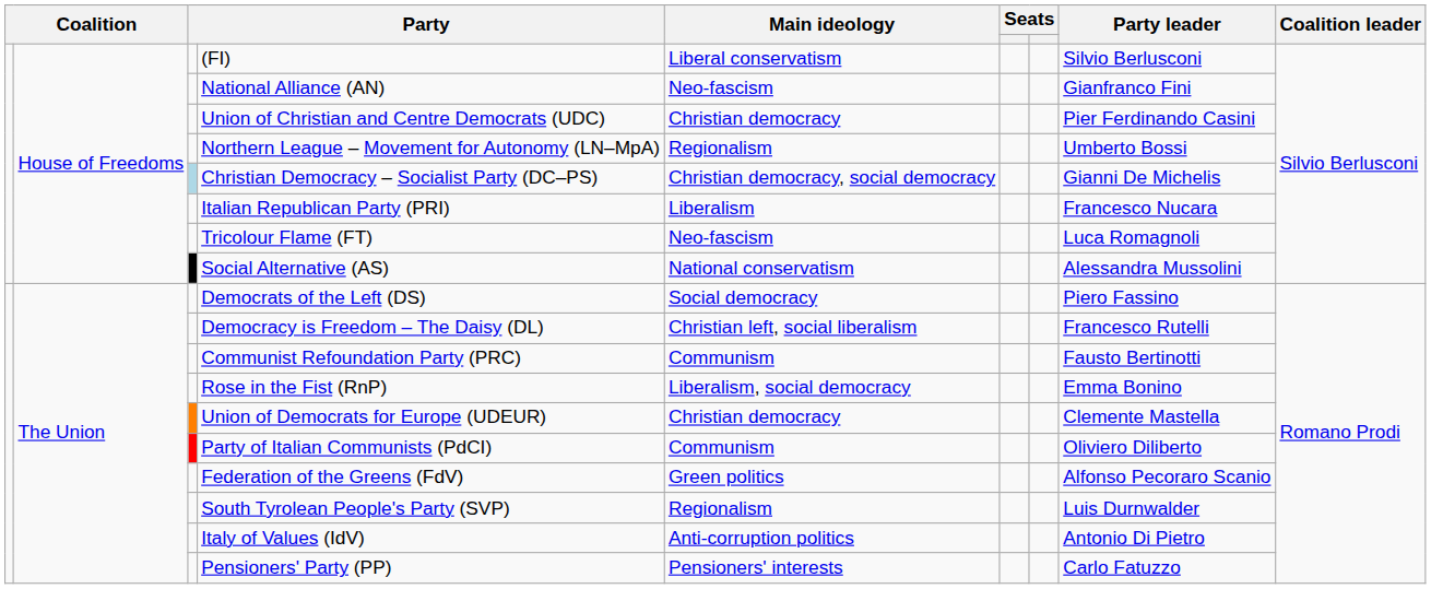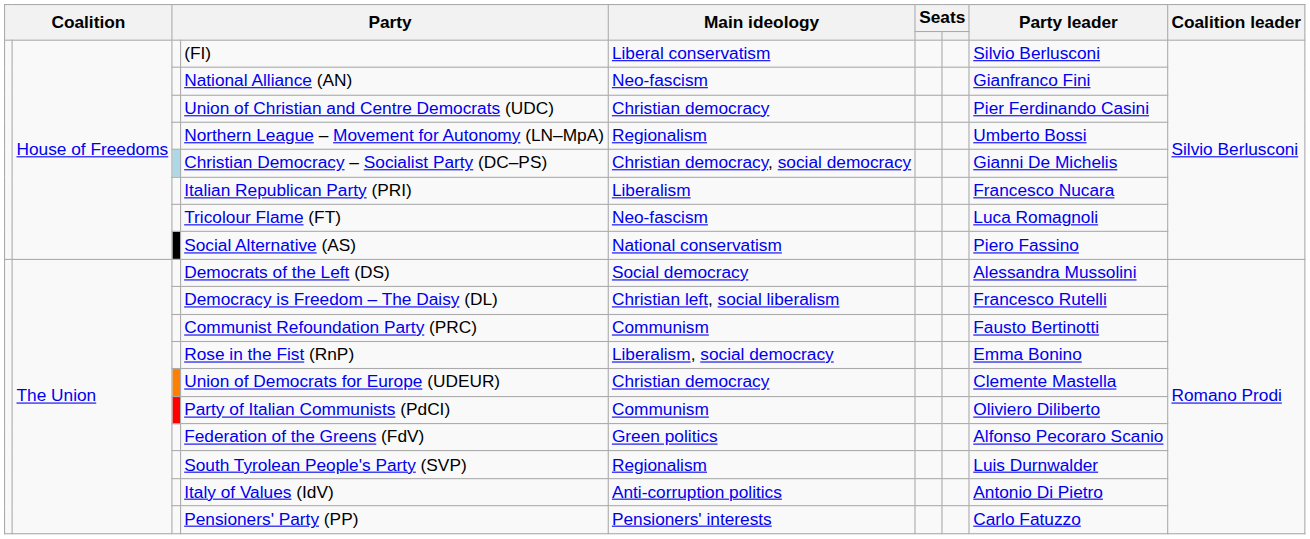 <table class=wikitable style="text-align:left">
 <tr>
 <th colspan="2" rowspan="2">Coalition</th>
 <th colspan="2" rowspan="2">Party</th>
 <th rowspan="2">Main ideology</th>
 <th colspan="2">Seats</th>
 <th rowspan="2">Party leader</th>
 <th rowspan="2">Coalition leader</th>
 </tr>
 <tr>
 <th></th>
 <th></th>
 </tr>
 <tr>
 <td rowspan="8" style="background-color:"></td>
 <td rowspan="8"><a href='#'>House of Freedoms</a></td>
 <td style="background-color:"></td>
 <td> (FI)</td>
 <td><a href='#'>Liberal conservatism</a></td>
 <td></td>
 <td></td>
 <td><a href='#'>Silvio Berlusconi</a></td>
 <td rowspan="8"><a href='#'>Silvio Berlusconi</a></td>
 </tr>
 <tr>
 <td style="background-color:"></td>
 <td><a href='#'>National Alliance</a> (AN)</td>
 <td><a href='#'>Neo-fascism</a></td>
 <td></td>
 <td></td>
 <td><a href='#'>Gianfranco Fini</a></td>
 </tr>
 <tr>
 <td style="background-color:"></td>
 <td><a href='#'>Union of Christian and Centre Democrats</a> (UDC)</td>
 <td><a href='#'>Christian democracy</a></td>
 <td></td>
 <td></td>
 <td><a href='#'>Pier Ferdinando Casini</a></td>
 </tr>
 <tr>
 <td style="background-color:"></td>
 <td><a href='#'>Northern League</a> – <a href='#'>Movement for Autonomy</a> (LN–MpA)</td>
 <td><a href='#'>Regionalism</a></td>
 <td></td>
 <td></td>
 <td><a href='#'>Umberto Bossi</a></td>
 </tr>
 <tr>
 <td style="background:lightblue;"></td>
 <td><a href='#'>Christian Democracy</a> – <a href='#'>Socialist Party</a> (DC–PS)</td>
 <td><a href='#'>Christian democracy</a>, <a href='#'>social democracy</a></td>
 <td></td>
 <td></td>
 <td><a href='#'>Gianni De Michelis</a></td>
 </tr>
 <tr>
 <td style="background:"></td>
 <td><a href='#'>Italian Republican Party</a> (PRI)</td>
 <td><a href='#'>Liberalism</a></td>
 <td></td>
 <td></td>
 <td><a href='#'>Francesco Nucara</a></td>
 </tr>
 <tr>
 <td style="background:"></td>
 <td><a href='#'>Tricolour Flame</a> (FT)</td>
 <td><a href='#'>Neo-fascism</a></td>
 <td></td>
 <td></td>
 <td><a href='#'>Luca Romagnoli</a></td>
 </tr>
 <tr>
 <td style="background:black;"></td>
 <td><a href='#'>Social Alternative</a> (AS)</td>
 <td><a href='#'>National conservatism</a></td>
 <td></td>
 <td></td>
-<td><a href='#'>Alessandra Mussolini</a></td>
+<td><a href='#'>Piero Fassino</a></td>
 </tr>
 <tr>
 <td rowspan="10" style="background-color:"></td>
 <td rowspan="10"><a href='#'>The Union</a></td>
 <td style="background-color:"></td>
 <td><a href='#'>Democrats of the Left</a> (DS)</td>
 <td><a href='#'>Social democracy</a></td>
 <td></td>
 <td></td>
-<td><a href='#'>Piero Fassino</a></td>
+<td><a href='#'>Alessandra Mussolini</a></td>
 <td rowspan="10"><a href='#'>Romano Prodi</a></td>
 </tr>
 <tr>
 <td style="background-color:"></td>
 <td><a href='#'>Democracy is Freedom – The Daisy</a> (DL)</td>
 <td><a href='#'>Christian left</a>, <a href='#'>social liberalism</a></td>
 <td></td>
 <td></td>
 <td><a href='#'>Francesco Rutelli</a></td>
 </tr>
 <tr>
 <td style="background-color:"></td>
 <td><a href='#'>Communist Refoundation Party</a> (PRC)</td>
 <td><a href='#'>Communism</a></td>
 <td></td>
 <td></td>
 <td><a href='#'>Fausto Bertinotti</a></td>
 </tr>
 <tr>
 <td style="background-color:"></td>
 <td><a href='#'>Rose in the Fist</a> (RnP)</td>
 <td><a href='#'>Liberalism</a>, <a href='#'>social democracy</a></td>
 <td></td>
 <td></td>
 <td><a href='#'>Emma Bonino</a></td>
 </tr>
 <tr>
 <td style="background:#FF7F00;"></td>
 <td><a href='#'>Union of Democrats for Europe</a> (UDEUR)</td>
 <td><a href='#'>Christian democracy</a></td>
 <td></td>
 <td></td>
 <td><a href='#'>Clemente Mastella</a></td>
 </tr>
 <tr>
 <td style="background-color:red"></td>
 <td><a href='#'>Party of Italian Communists</a> (PdCI)</td>
 <td><a href='#'>Communism</a></td>
 <td></td>
 <td></td>
 <td><a href='#'>Oliviero Diliberto</a></td>
 </tr>
 <tr>
 <td style="background:"></td>
 <td><a href='#'>Federation of the Greens</a> (FdV)</td>
 <td><a href='#'>Green politics</a></td>
 <td></td>
 <td></td>
 <td><a href='#'>Alfonso Pecoraro Scanio</a></td>
 </tr>
 <tr>
 <td></td>
 <td><a href='#'>South Tyrolean People's Party</a> (SVP)</td>
 <td><a href='#'>Regionalism</a></td>
 <td></td>
 <td></td>
 <td><a href='#'>Luis Durnwalder</a></td>
 </tr>
 <tr>
 <td style="background-color:"></td>
 <td><a href='#'>Italy of Values</a> (IdV)</td>
 <td><a href='#'>Anti-corruption politics</a></td>
 <td></td>
 <td></td>
 <td><a href='#'>Antonio Di Pietro</a></td>
 </tr>
 <tr>
 <td></td>
 <td><a href='#'>Pensioners' Party</a> (PP)</td>
 <td><a href='#'>Pensioners' interests</a></td>
 <td></td>
 <td></td>
 <td><a href='#'>Carlo Fatuzzo</a></td>
 </tr>
 </table>
